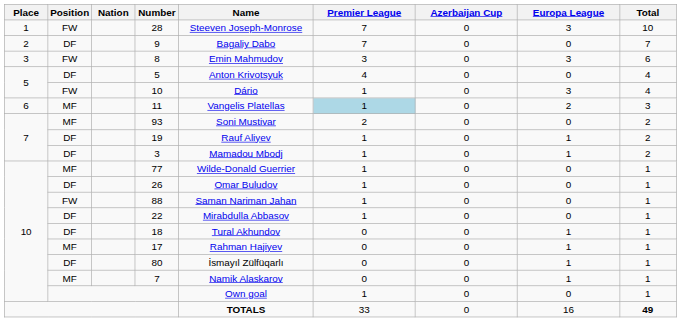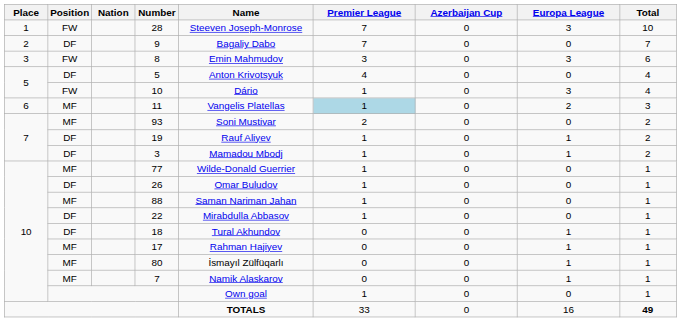 <table class="wikitable" style="font-size: 95%; text-align: center;">
 <tr>
 <th width=60>Place</th>
 <th width=60>Position</th>
 <th width=60>Nation</th>
 <th width=60>Number</th>
 <th width=200>Name</th>
 <th width=150><a href='#'>Premier League</a></th>
 <th width=150><a href='#'>Azerbaijan Cup</a></th>
 <th width=150><a href='#'>Europa League</a></th>
 <th width=80>Total</th>
 </tr>
 <tr>
 <td>1</td>
 <td>FW</td>
 <td></td>
 <td>28</td>
 <td><a href='#'>Steeven Joseph-Monrose</a></td>
 <td>7</td>
 <td>0</td>
 <td>3</td>
 <td>10</td>
 </tr>
 <tr>
 <td>2</td>
 <td>DF</td>
 <td></td>
 <td>9</td>
 <td><a href='#'>Bagaliy Dabo</a></td>
 <td>7</td>
 <td>0</td>
 <td>0</td>
 <td>7</td>
 </tr>
 <tr>
 <td>3</td>
 <td>FW</td>
 <td></td>
 <td>8</td>
 <td><a href='#'>Emin Mahmudov</a></td>
 <td>3</td>
 <td>0</td>
 <td>3</td>
 <td>6</td>
 </tr>
 <tr>
 <td rowspan="2">5</td>
 <td>DF</td>
 <td></td>
 <td>5</td>
 <td><a href='#'>Anton Krivotsyuk</a></td>
 <td>4</td>
 <td>0</td>
 <td>0</td>
 <td>4</td>
 </tr>
 <tr>
 <td>FW</td>
 <td></td>
 <td>10</td>
 <td><a href='#'>Dário</a></td>
 <td>1</td>
 <td>0</td>
 <td>3</td>
 <td>4</td>
 </tr>
 <tr>
 <td>6</td>
 <td>MF</td>
 <td></td>
 <td>11</td>
 <td><a href='#'>Vangelis Platellas</a></td>
 <td style="background: lightblue;">1</td>
 <td>0</td>
 <td>2</td>
 <td>3</td>
 </tr>
 <tr>
 <td rowspan="3">7</td>
 <td>MF</td>
 <td></td>
 <td>93</td>
 <td><a href='#'>Soni Mustivar</a></td>
 <td>2</td>
 <td>0</td>
 <td>0</td>
 <td>2</td>
 </tr>
 <tr>
 <td>DF</td>
 <td></td>
 <td>19</td>
 <td><a href='#'>Rauf Aliyev</a></td>
 <td>1</td>
 <td>0</td>
 <td>1</td>
 <td>2</td>
 </tr>
 <tr>
 <td>DF</td>
 <td></td>
 <td>3</td>
 <td><a href='#'>Mamadou Mbodj</a></td>
 <td>1</td>
 <td>0</td>
 <td>1</td>
 <td>2</td>
 </tr>
 <tr>
 <td rowspan="9">10</td>
 <td>MF</td>
 <td></td>
 <td>77</td>
 <td><a href='#'>Wilde-Donald Guerrier</a></td>
 <td>1</td>
 <td>0</td>
 <td>0</td>
 <td>1</td>
 </tr>
 <tr>
 <td>DF</td>
 <td></td>
 <td>26</td>
 <td><a href='#'>Omar Buludov</a></td>
 <td>1</td>
 <td>0</td>
 <td>0</td>
 <td>1</td>
 </tr>
 <tr>
-<td>FW</td>
+<td>MF</td>
 <td></td>
 <td>88</td>
 <td><a href='#'>Saman Nariman Jahan</a></td>
 <td>1</td>
 <td>0</td>
 <td>0</td>
 <td>1</td>
 </tr>
 <tr>
 <td>DF</td>
 <td></td>
 <td>22</td>
 <td><a href='#'>Mirabdulla Abbasov</a></td>
 <td>1</td>
 <td>0</td>
 <td>0</td>
 <td>1</td>
 </tr>
 <tr>
 <td>DF</td>
 <td></td>
 <td>18</td>
 <td><a href='#'>Tural Akhundov</a></td>
 <td>0</td>
 <td>0</td>
 <td>1</td>
 <td>1</td>
 </tr>
 <tr>
 <td>MF</td>
 <td></td>
 <td>17</td>
 <td><a href='#'>Rahman Hajiyev</a></td>
 <td>0</td>
 <td>0</td>
 <td>1</td>
 <td>1</td>
 </tr>
 <tr>
-<td>DF</td>
+<td>MF</td>
 <td></td>
 <td>80</td>
 <td>İsmayıl Zülfüqarlı</td>
 <td>0</td>
 <td>0</td>
 <td>1</td>
 <td>1</td>
 </tr>
 <tr>
 <td>MF</td>
 <td></td>
 <td>7</td>
 <td><a href='#'>Namik Alaskarov</a></td>
 <td>0</td>
 <td>0</td>
 <td>1</td>
 <td>1</td>
 </tr>
 <tr>
 <td colspan="3"></td>
 <td><a href='#'>Own goal</a></td>
 <td>1</td>
 <td>0</td>
 <td>0</td>
 <td>1</td>
 </tr>
 <tr>
 <td colspan="4"></td>
 <td><strong>TOTALS</strong></td>
 <td>33</td>
 <td>0</td>
 <td>16</td>
 <td><strong>49</strong></td>
 </tr>
 </table>
